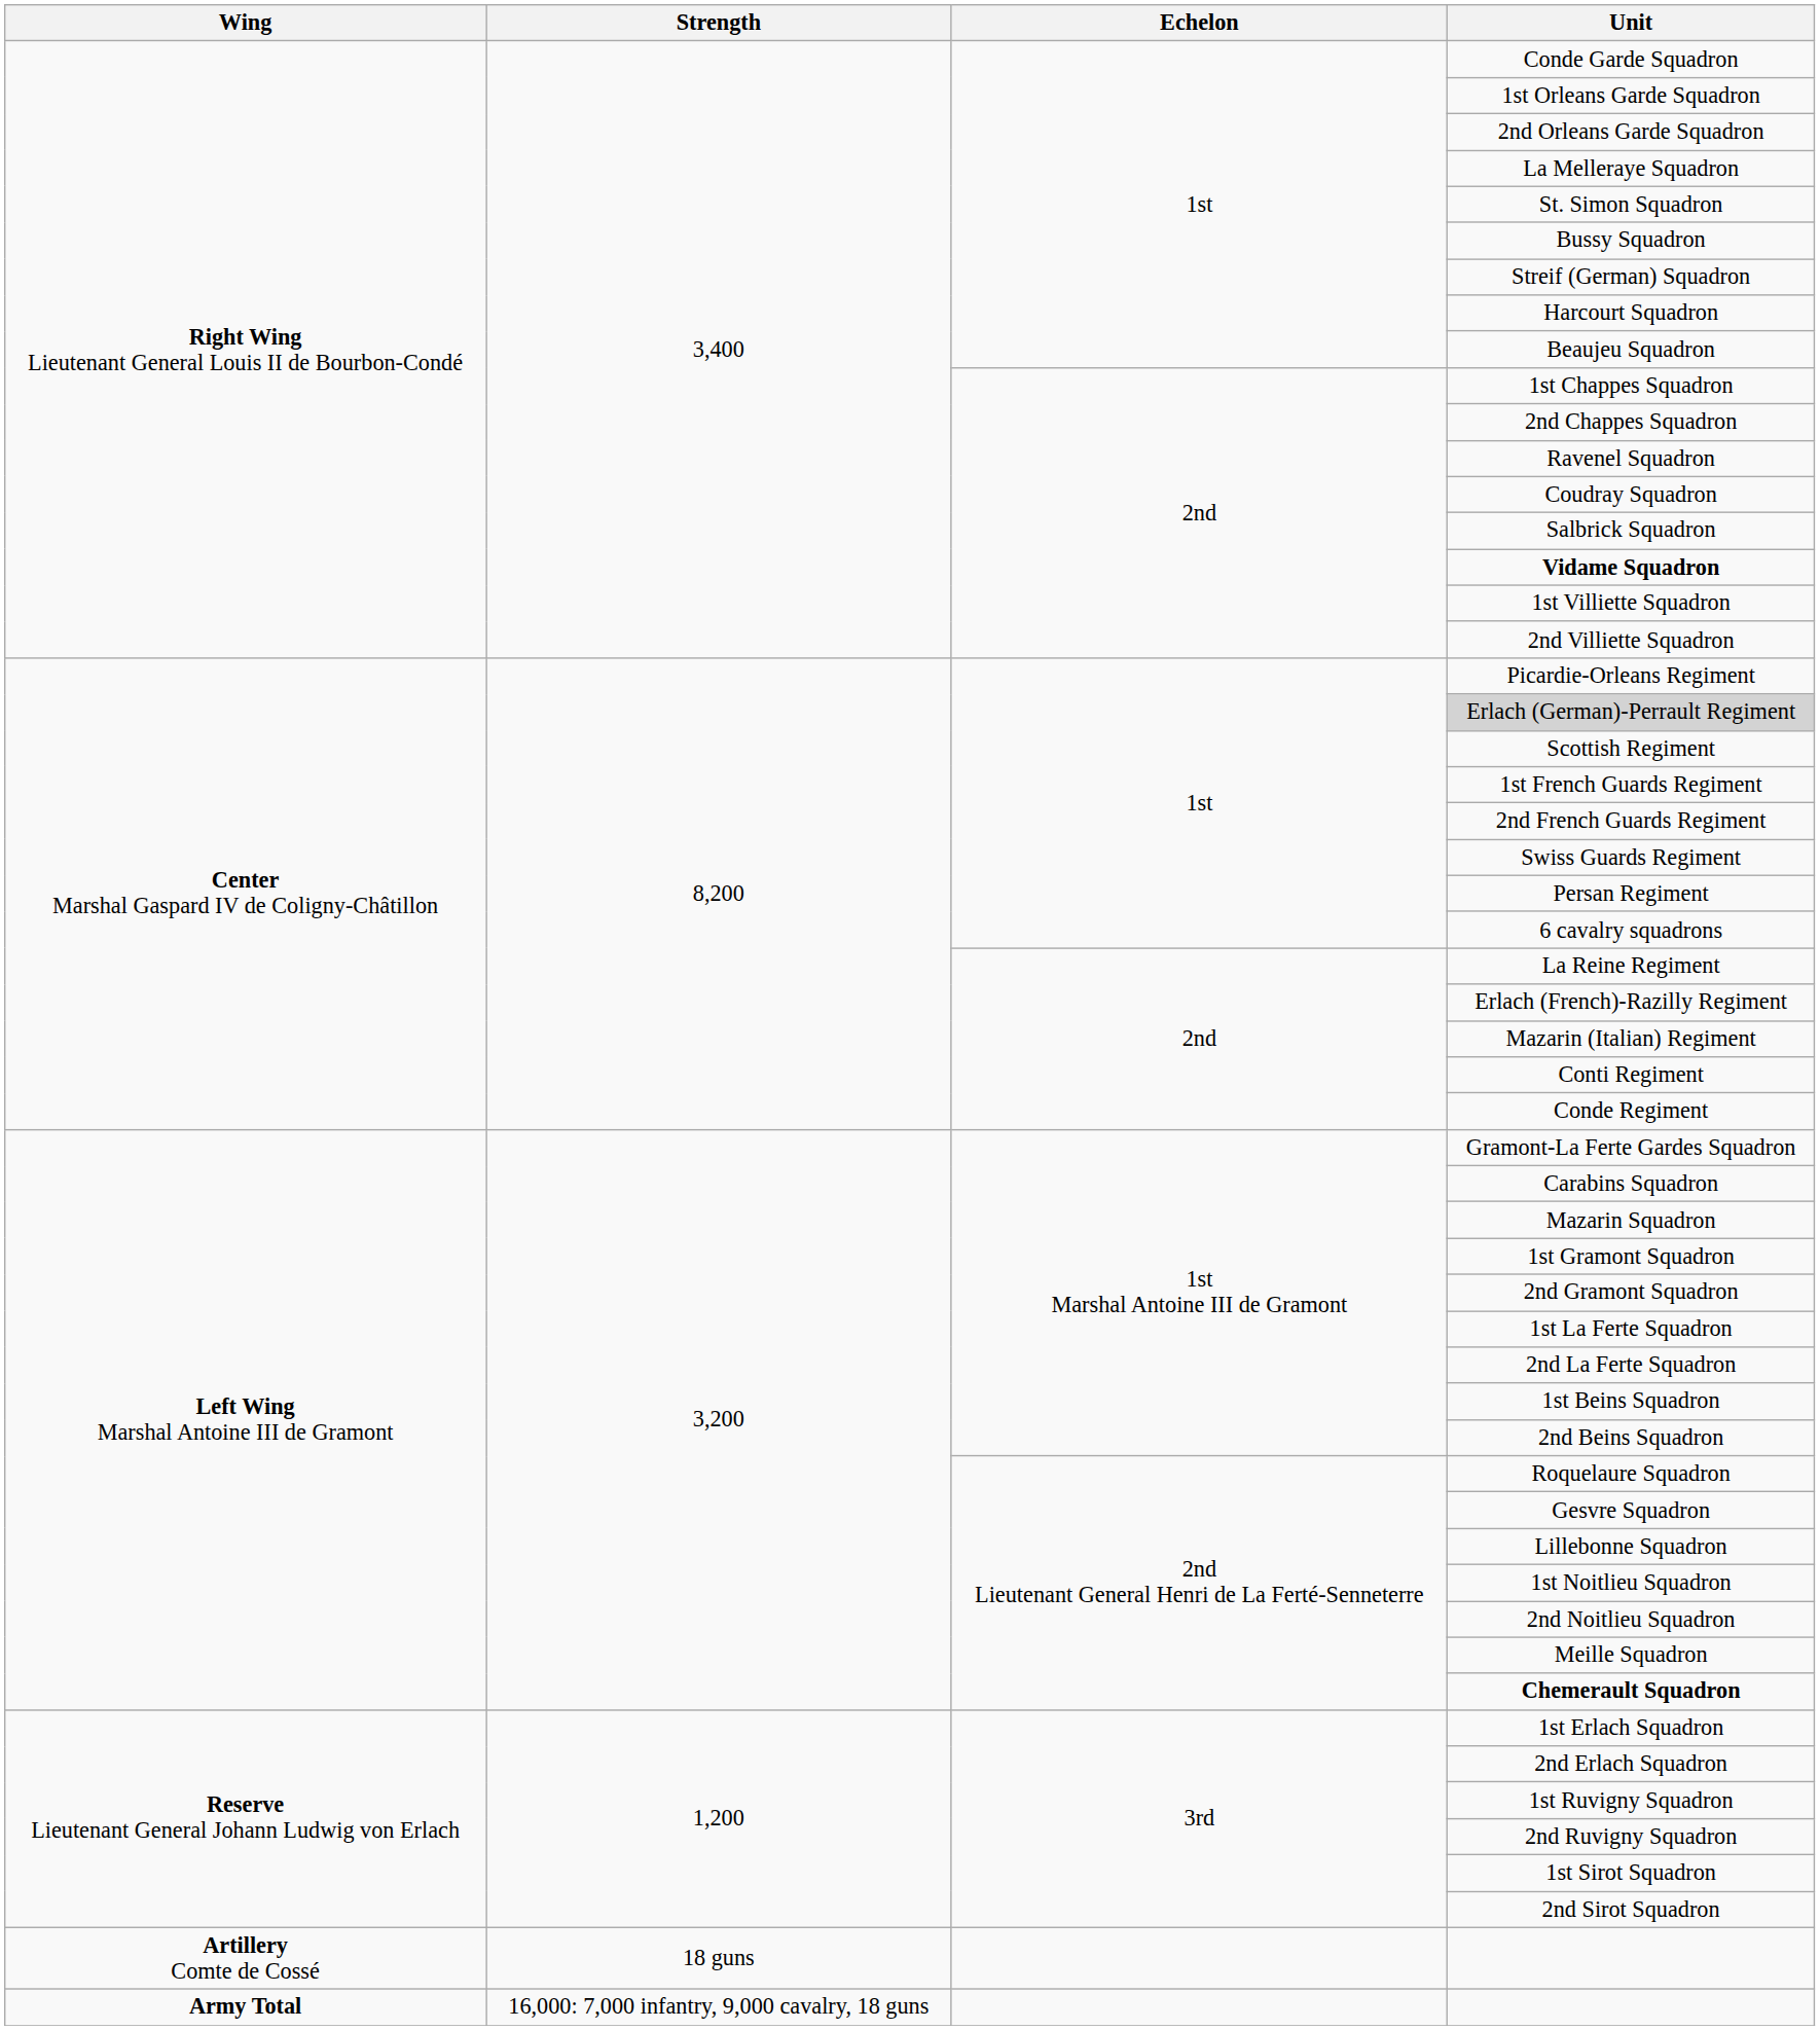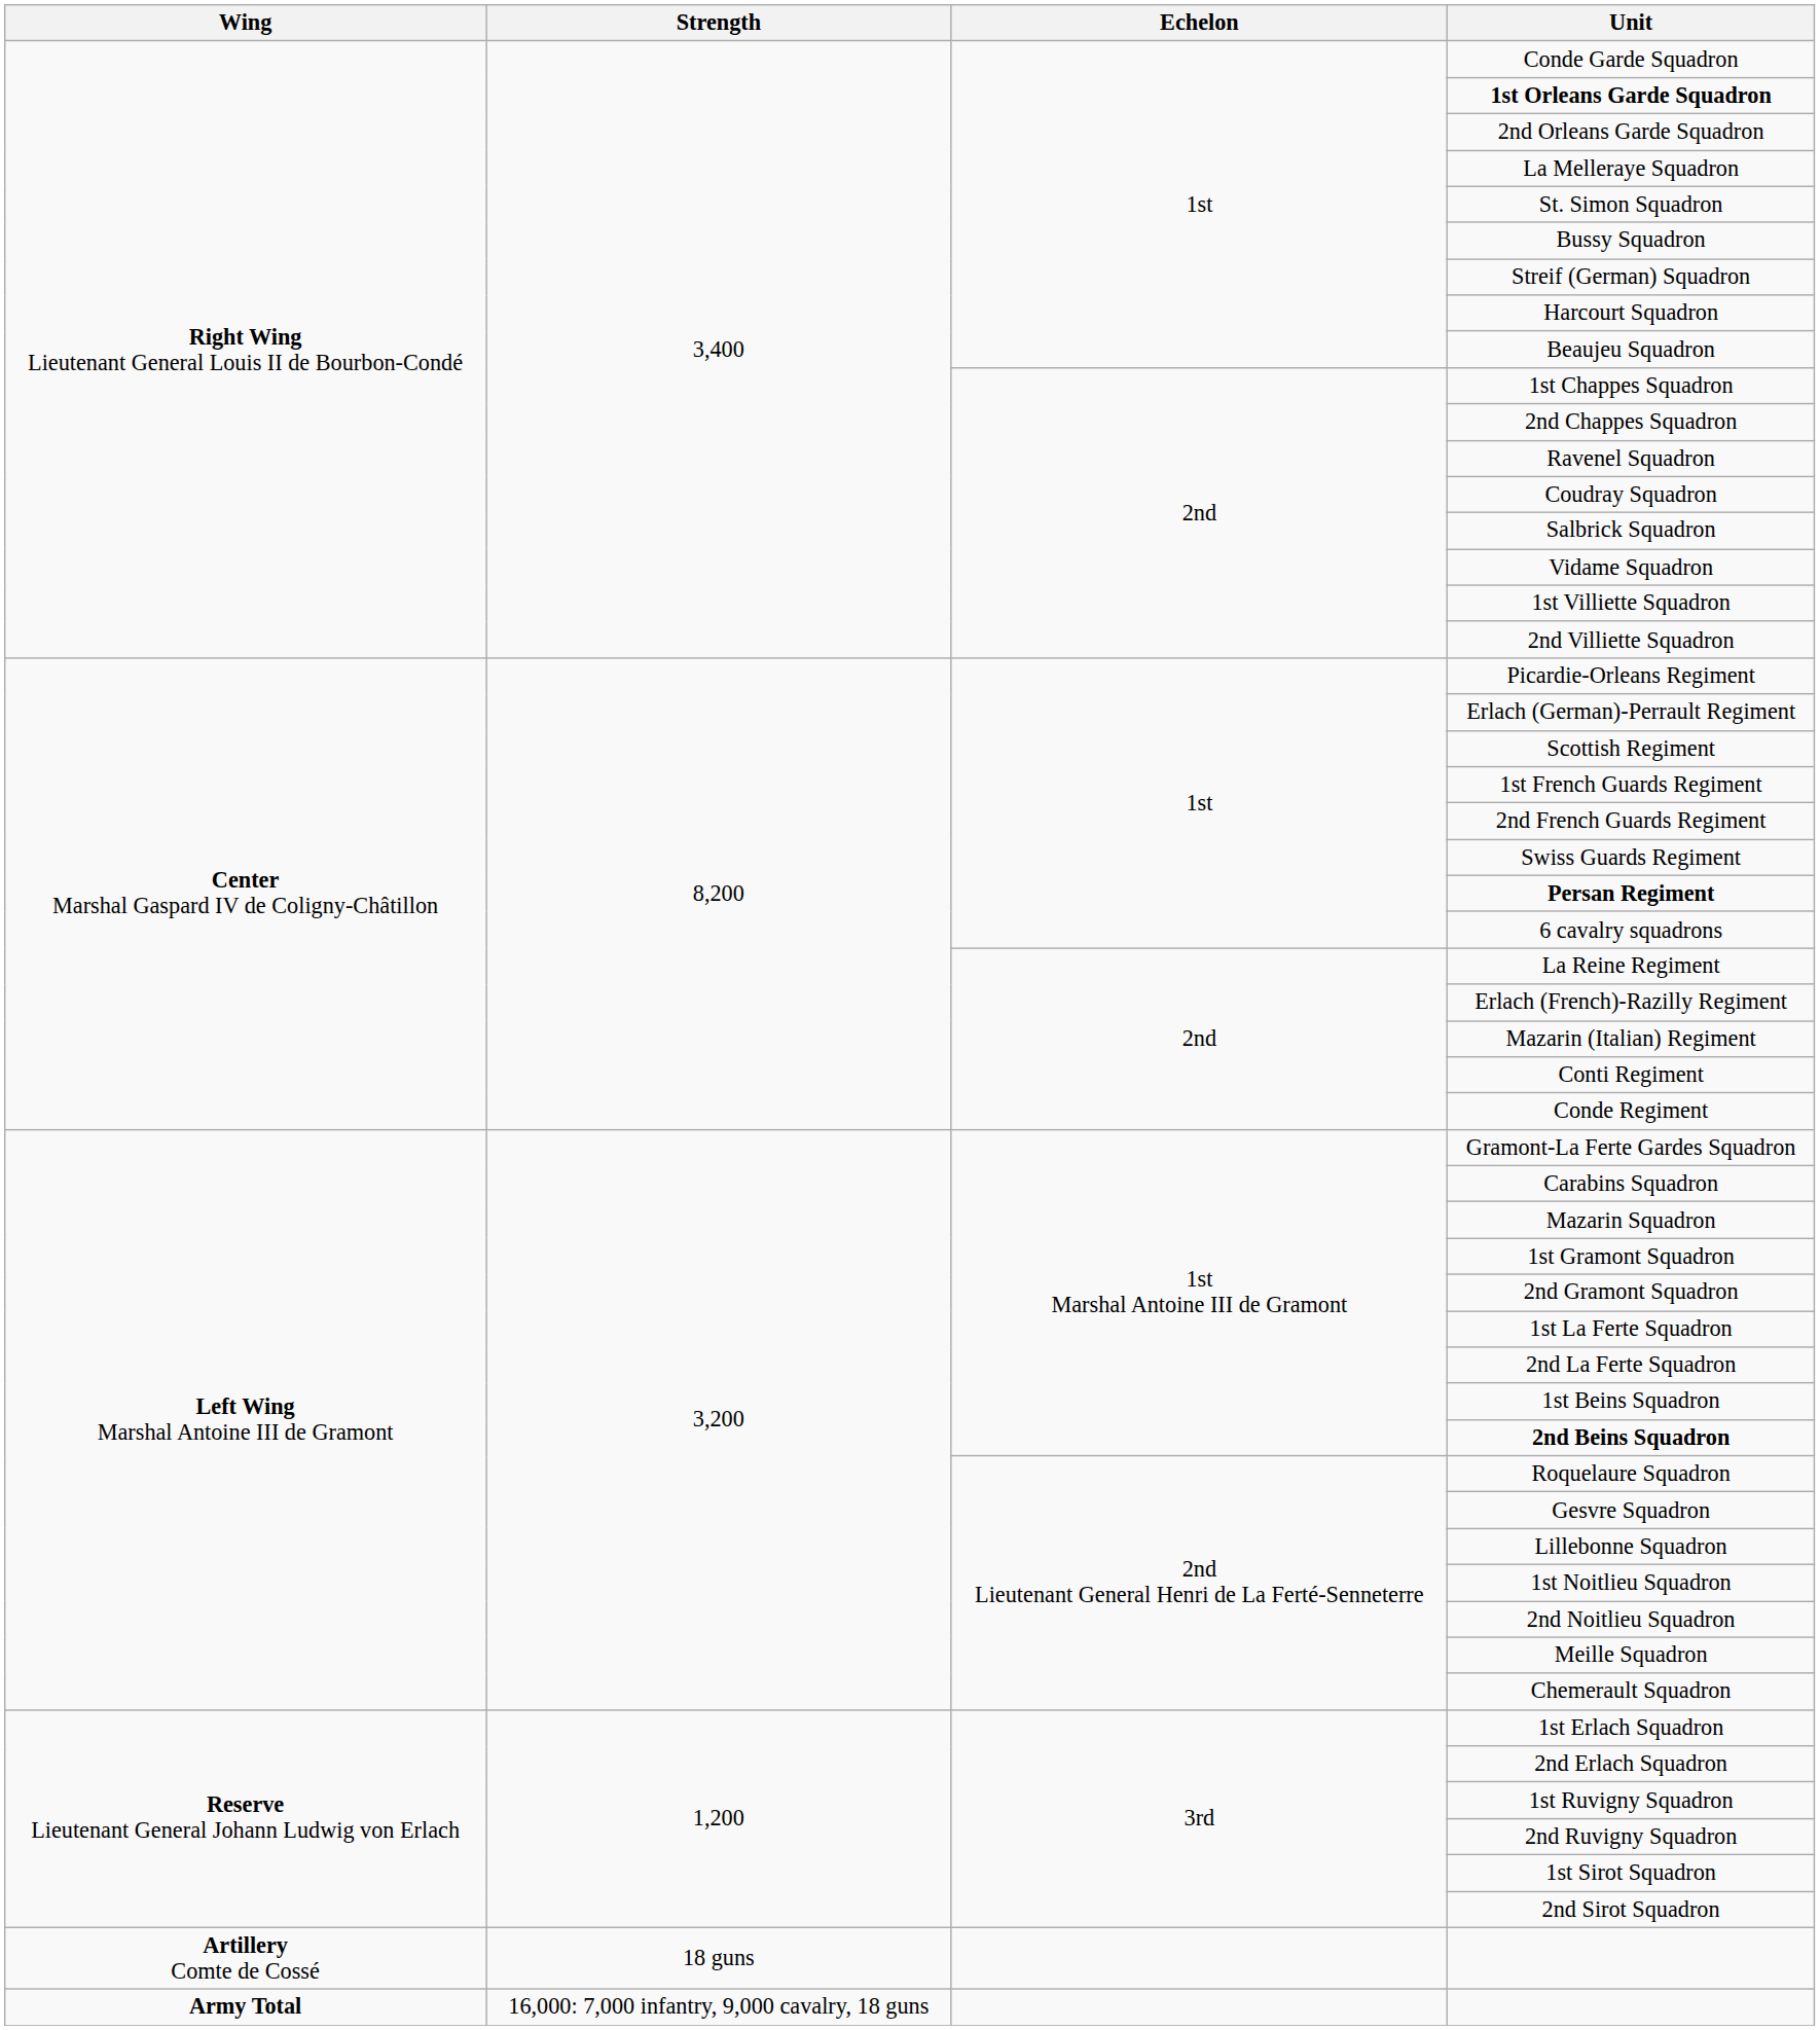 <table class="wikitable collapsible collapsed" style="text-align:center; width:80%;">
 <tr>
 <th>Wing</th>
 <th>Strength</th>
 <th>Echelon</th>
 <th>Unit</th>
 </tr>
 <tr>
 <td ROWSPAN=17><strong>Right Wing</strong><br>Lieutenant General Louis II de Bourbon-Condé</td>
 <td ROWSPAN=17>3,400</td>
 <td ROWSPAN=9>1st</td>
 <td>Conde Garde Squadron</td>
 </tr>
 <tr>
-<td>1st Orleans Garde Squadron</td>
+<td><strong>1st Orleans Garde Squadron</strong></td>
 </tr>
 <tr>
 <td>2nd Orleans Garde Squadron</td>
 </tr>
 <tr>
 <td>La Melleraye Squadron</td>
 </tr>
 <tr>
 <td>St. Simon Squadron</td>
 </tr>
 <tr>
 <td>Bussy Squadron</td>
 </tr>
 <tr>
 <td>Streif (German) Squadron</td>
 </tr>
 <tr>
 <td>Harcourt Squadron</td>
 </tr>
 <tr>
 <td>Beaujeu Squadron</td>
 </tr>
 <tr>
 <td ROWSPAN=8>2nd</td>
 <td>1st Chappes Squadron</td>
 </tr>
 <tr>
 <td>2nd Chappes Squadron</td>
 </tr>
 <tr>
 <td>Ravenel Squadron</td>
 </tr>
 <tr>
 <td>Coudray Squadron</td>
 </tr>
 <tr>
 <td>Salbrick Squadron</td>
 </tr>
 <tr>
-<td><strong>Vidame Squadron</strong></td>
+<td>Vidame Squadron</td>
 </tr>
 <tr>
 <td>1st Villiette Squadron</td>
 </tr>
 <tr>
 <td>2nd Villiette Squadron</td>
 </tr>
 <tr>
 <td ROWSPAN=13><strong>Center</strong><br>Marshal Gaspard IV de Coligny-Châtillon</td>
 <td ROWSPAN=13>8,200</td>
 <td ROWSPAN=8>1st</td>
 <td>Picardie-Orleans Regiment</td>
 </tr>
 <tr>
-<td style="background: lightgrey;">Erlach (German)-Perrault Regiment</td>
+<td>Erlach (German)-Perrault Regiment</td>
 </tr>
 <tr>
 <td>Scottish Regiment</td>
 </tr>
 <tr>
 <td>1st French Guards Regiment</td>
 </tr>
 <tr>
 <td>2nd French Guards Regiment</td>
 </tr>
 <tr>
 <td>Swiss Guards Regiment</td>
 </tr>
 <tr>
-<td>Persan Regiment</td>
+<td><strong>Persan Regiment</strong></td>
 </tr>
 <tr>
 <td>6 cavalry squadrons</td>
 </tr>
 <tr>
 <td ROWSPAN=5>2nd</td>
 <td>La Reine Regiment</td>
 </tr>
 <tr>
 <td>Erlach (French)-Razilly Regiment</td>
 </tr>
 <tr>
 <td>Mazarin (Italian) Regiment</td>
 </tr>
 <tr>
 <td>Conti Regiment</td>
 </tr>
 <tr>
 <td>Conde Regiment</td>
 </tr>
 <tr>
 <td ROWSPAN=16><strong>Left Wing</strong><br>Marshal Antoine III de Gramont</td>
 <td ROWSPAN=16>3,200</td>
 <td ROWSPAN=9>1st<br>Marshal Antoine III de Gramont</td>
 <td>Gramont-La Ferte Gardes Squadron</td>
 </tr>
 <tr>
 <td>Carabins Squadron</td>
 </tr>
 <tr>
 <td>Mazarin Squadron</td>
 </tr>
 <tr>
 <td>1st Gramont Squadron</td>
 </tr>
 <tr>
 <td>2nd Gramont Squadron</td>
 </tr>
 <tr>
 <td>1st La Ferte Squadron</td>
 </tr>
 <tr>
 <td>2nd La Ferte Squadron</td>
 </tr>
 <tr>
 <td>1st Beins Squadron</td>
 </tr>
 <tr>
-<td>2nd Beins Squadron</td>
+<td><strong>2nd Beins Squadron</strong></td>
 </tr>
 <tr>
 <td ROWSPAN=7>2nd<br>Lieutenant General Henri de La Ferté-Senneterre</td>
 <td>Roquelaure Squadron</td>
 </tr>
 <tr>
 <td>Gesvre Squadron</td>
 </tr>
 <tr>
 <td>Lillebonne Squadron</td>
 </tr>
 <tr>
 <td>1st Noitlieu Squadron</td>
 </tr>
 <tr>
 <td>2nd Noitlieu Squadron</td>
 </tr>
 <tr>
 <td>Meille Squadron</td>
 </tr>
 <tr>
-<td><strong>Chemerault Squadron</strong></td>
+<td>Chemerault Squadron</td>
 </tr>
 <tr>
 <td ROWSPAN=6><strong>Reserve</strong><br>Lieutenant General Johann Ludwig von Erlach</td>
 <td ROWSPAN=6>1,200</td>
 <td ROWSPAN=6>3rd</td>
 <td>1st Erlach Squadron</td>
 </tr>
 <tr>
 <td>2nd Erlach Squadron</td>
 </tr>
 <tr>
 <td>1st Ruvigny Squadron</td>
 </tr>
 <tr>
 <td>2nd Ruvigny Squadron</td>
 </tr>
 <tr>
 <td>1st Sirot Squadron</td>
 </tr>
 <tr>
 <td>2nd Sirot Squadron</td>
 </tr>
 <tr>
 <td ROWSPAN=1><strong>Artillery</strong><br>Comte de Cossé</td>
 <td ROWSPAN=1>18 guns</td>
 <td ROWSPAN=1></td>
 <td ROWSPAN=1></td>
 </tr>
 <tr>
 <td ROWSPAN=1><strong>Army Total</strong></td>
 <td ROWSPAN=1>16,000: 7,000 infantry, 9,000 cavalry, 18 guns</td>
 <td ROWSPAN=1></td>
 <td ROWSPAN=1></td>
 </tr>
 <tr>
 </tr>
 </table>
